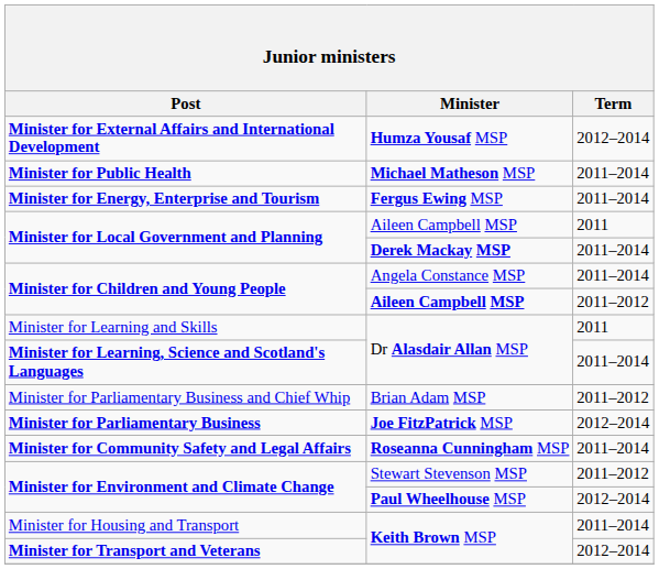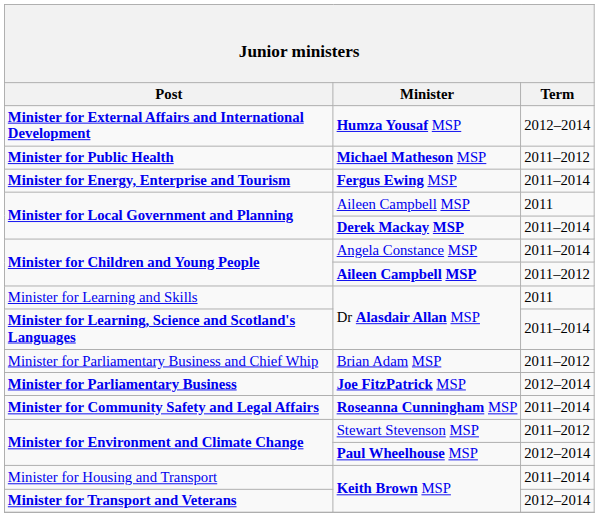 <table class="wikitable">
 <tr>
 <th colspan=3><br><h3>Junior ministers</h3></th>
 </tr>
 <tr>
 <th style="width: 350px">Post</th>
 <th colspan="1">Minister</th>
 <th>Term</th>
 </tr>
 <tr>
 <td><strong><a href='#'>Minister for External Affairs and International Development</a></strong></td>
 <td><strong><a href='#'>Humza Yousaf</a></strong> <a href='#'>MSP</a></td>
 <td>2012–2014</td>
 </tr>
 <tr>
 <td><strong><a href='#'>Minister for Public Health</a></strong></td>
 <td><strong><a href='#'>Michael Matheson</a></strong> <a href='#'>MSP</a></td>
-<td>2011–2014</td>
+<td>2011–2012</td>
 </tr>
 <tr>
 <td><strong><a href='#'>Minister for Energy, Enterprise and Tourism</a></strong></td>
 <td><strong><a href='#'>Fergus Ewing</a></strong> <a href='#'>MSP</a></td>
 <td>2011–2014</td>
 </tr>
 <tr>
 <td rowspan="2"><strong><a href='#'>Minister for Local Government and Planning</a></strong></td>
 <td><a href='#'>Aileen Campbell</a> <a href='#'>MSP</a></td>
 <td>2011</td>
 </tr>
 <tr>
 <td><strong><a href='#'>Derek Mackay</a> <a href='#'>MSP</a></strong></td>
 <td>2011–2014</td>
 </tr>
 <tr>
 <td rowspan="2"><strong><a href='#'>Minister for Children and Young People</a></strong></td>
 <td><a href='#'>Angela Constance</a> <a href='#'>MSP</a></td>
 <td>2011–2014</td>
 </tr>
 <tr |>
 <td><strong><a href='#'>Aileen Campbell</a> <a href='#'>MSP</a></strong></td>
 <td>2011–2012</td>
 </tr>
 <tr>
 <td><a href='#'>Minister for Learning and Skills</a></td>
 <td rowspan="2">Dr <strong><a href='#'>Alasdair Allan</a></strong> <a href='#'>MSP</a></td>
 <td>2011</td>
 </tr>
 <tr>
 <td><strong><a href='#'>Minister for Learning, Science and Scotland's Languages</a></strong></td>
 <td>2011–2014</td>
 </tr>
 <tr>
 <td><a href='#'>Minister for Parliamentary Business and Chief Whip</a></td>
 <td><a href='#'>Brian Adam</a> <a href='#'>MSP</a></td>
 <td>2011–2012</td>
 </tr>
 <tr>
 <td><strong><a href='#'>Minister for Parliamentary Business</a></strong></td>
 <td><strong><a href='#'>Joe FitzPatrick</a></strong> <a href='#'>MSP</a></td>
 <td>2012–2014</td>
 </tr>
 <tr>
 <td><strong><a href='#'>Minister for Community Safety and Legal Affairs</a></strong></td>
 <td><strong><a href='#'>Roseanna Cunningham</a></strong> <a href='#'>MSP</a></td>
 <td>2011–2014</td>
 </tr>
 <tr>
 <td rowspan="2"><strong><a href='#'>Minister for Environment and Climate Change</a></strong></td>
 <td><a href='#'>Stewart Stevenson</a> <a href='#'>MSP</a></td>
 <td>2011–2012</td>
 </tr>
 <tr |>
 <td><strong><a href='#'>Paul Wheelhouse</a></strong> <a href='#'>MSP</a></td>
 <td>2012–2014</td>
 </tr>
 <tr>
 <td rowspan="1"><a href='#'>Minister for Housing and Transport</a></td>
 <td rowspan="2"><strong><a href='#'>Keith Brown</a></strong> <a href='#'>MSP</a></td>
 <td>2011–2014</td>
 </tr>
 <tr>
 <td rowspan="1"><strong><a href='#'>Minister for Transport and Veterans</a></strong></td>
 <td rowspan="1">2012–2014</td>
 </tr>
 <tr>
 </tr>
 </table>
